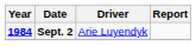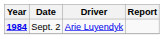 <table class="sortable wikitable" style="font-size: 90%;">
 <tr>
 <th>Year</th>
 <th>Date</th>
 <th>Driver</th>
 <th>Report</th>
 </tr>
 <tr>
 <th><a href='#'>1984</a></th>
-<td><strong>Sept. 2</strong></td>
+<td>Sept. 2</td>
 <td> <a href='#'>Arie Luyendyk</a></td>
 <td></td>
 </tr>
 <tr>
 </tr>
 </table>
